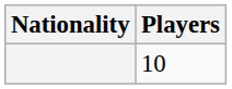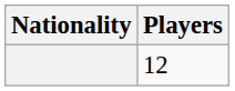 <table class="wikitable sortable plainrowheaders">
 <tr>
 <th scope="col">Nationality</th>
 <th scope="col">Players</th>
 </tr>
 <tr>
 <th scope="row"></th>
-<td>10</td>
+<td>12</td>
 </tr>
 </table>
